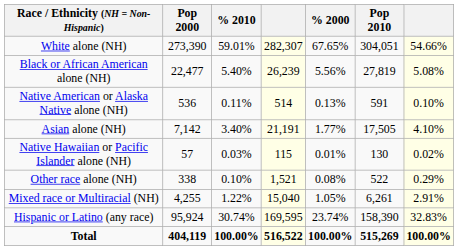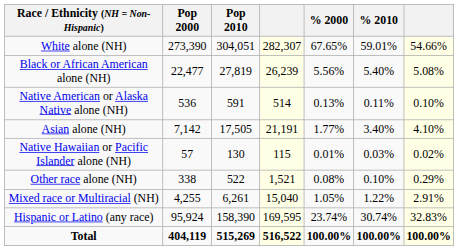 <table class="wikitable"  style="text-align:center;">
 <tr>
 <th>Race / Ethnicity <small>(<em>NH = Non-Hispanic</em>)</small></th>
 <th>Pop 2000</th>
-<th>% 2010</th>
+<th>Pop 2010</th>
 <th></th>
 <th>% 2000</th>
-<th>Pop 2010</th>
+<th>% 2010</th>
 <th></th>
 </tr>
 <tr>
 <td><a href='#'>White</a> alone (NH)</td>
 <td>273,390</td>
-<td>59.01%</td>
+<td>304,051</td>
 <td style='background: #ffffe6;'>282,307</td>
 <td>67.65%</td>
-<td>304,051</td>
+<td>59.01%</td>
 <td style='background: #ffffe6;'>54.66%</td>
 </tr>
 <tr>
 <td><a href='#'>Black or African American</a> alone (NH)</td>
 <td>22,477</td>
-<td>5.40%</td>
+<td>27,819</td>
 <td style='background: #ffffe6;'>26,239</td>
 <td>5.56%</td>
-<td>27,819</td>
+<td>5.40%</td>
 <td style='background: #ffffe6;'>5.08%</td>
 </tr>
 <tr>
 <td><a href='#'>Native American</a> or <a href='#'>Alaska Native</a> alone (NH)</td>
 <td>536</td>
-<td>0.11%</td>
+<td>591</td>
 <td style='background: #ffffe6;'>514</td>
 <td>0.13%</td>
-<td>591</td>
+<td>0.11%</td>
 <td style='background: #ffffe6;'>0.10%</td>
 </tr>
 <tr>
 <td><a href='#'>Asian</a> alone (NH)</td>
 <td>7,142</td>
-<td>3.40%</td>
+<td>17,505</td>
 <td style='background: #ffffe6;'>21,191</td>
 <td>1.77%</td>
-<td>17,505</td>
+<td>3.40%</td>
 <td style='background: #ffffe6;'>4.10%</td>
 </tr>
 <tr>
 <td><a href='#'>Native Hawaiian</a> or <a href='#'>Pacific Islander</a> alone (NH)</td>
 <td>57</td>
-<td>0.03%</td>
+<td>130</td>
 <td style='background: #ffffe6;'>115</td>
 <td>0.01%</td>
-<td>130</td>
+<td>0.03%</td>
 <td style='background: #ffffe6;'>0.02%</td>
 </tr>
 <tr>
 <td><a href='#'>Other race</a> alone (NH)</td>
 <td>338</td>
-<td>0.10%</td>
+<td>522</td>
 <td style='background: #ffffe6;'>1,521</td>
 <td>0.08%</td>
-<td>522</td>
+<td>0.10%</td>
 <td style='background: #ffffe6;'>0.29%</td>
 </tr>
 <tr>
 <td><a href='#'>Mixed race or Multiracial</a> (NH)</td>
 <td>4,255</td>
-<td>1.22%</td>
+<td>6,261</td>
 <td style='background: #ffffe6;'>15,040</td>
 <td>1.05%</td>
-<td>6,261</td>
+<td>1.22%</td>
 <td style='background: #ffffe6;'>2.91%</td>
 </tr>
 <tr>
 <td><a href='#'>Hispanic or Latino</a> (any race)</td>
 <td>95,924</td>
-<td>30.74%</td>
+<td>158,390</td>
 <td style='background: #ffffe6;'>169,595</td>
 <td>23.74%</td>
-<td>158,390</td>
+<td>30.74%</td>
 <td style='background: #ffffe6;'>32.83%</td>
 </tr>
 <tr>
 <td><strong>Total</strong></td>
 <td><strong>404,119</strong></td>
-<td><strong>100.00%</strong></td>
+<td><strong>515,269</strong></td>
 <td style='background: #ffffe6;'><strong>516,522</strong></td>
 <td><strong>100.00%</strong></td>
-<td><strong>515,269</strong></td>
+<td><strong>100.00%</strong></td>
 <td style='background: #ffffe6;'><strong>100.00%</strong></td>
 </tr>
 </table>
